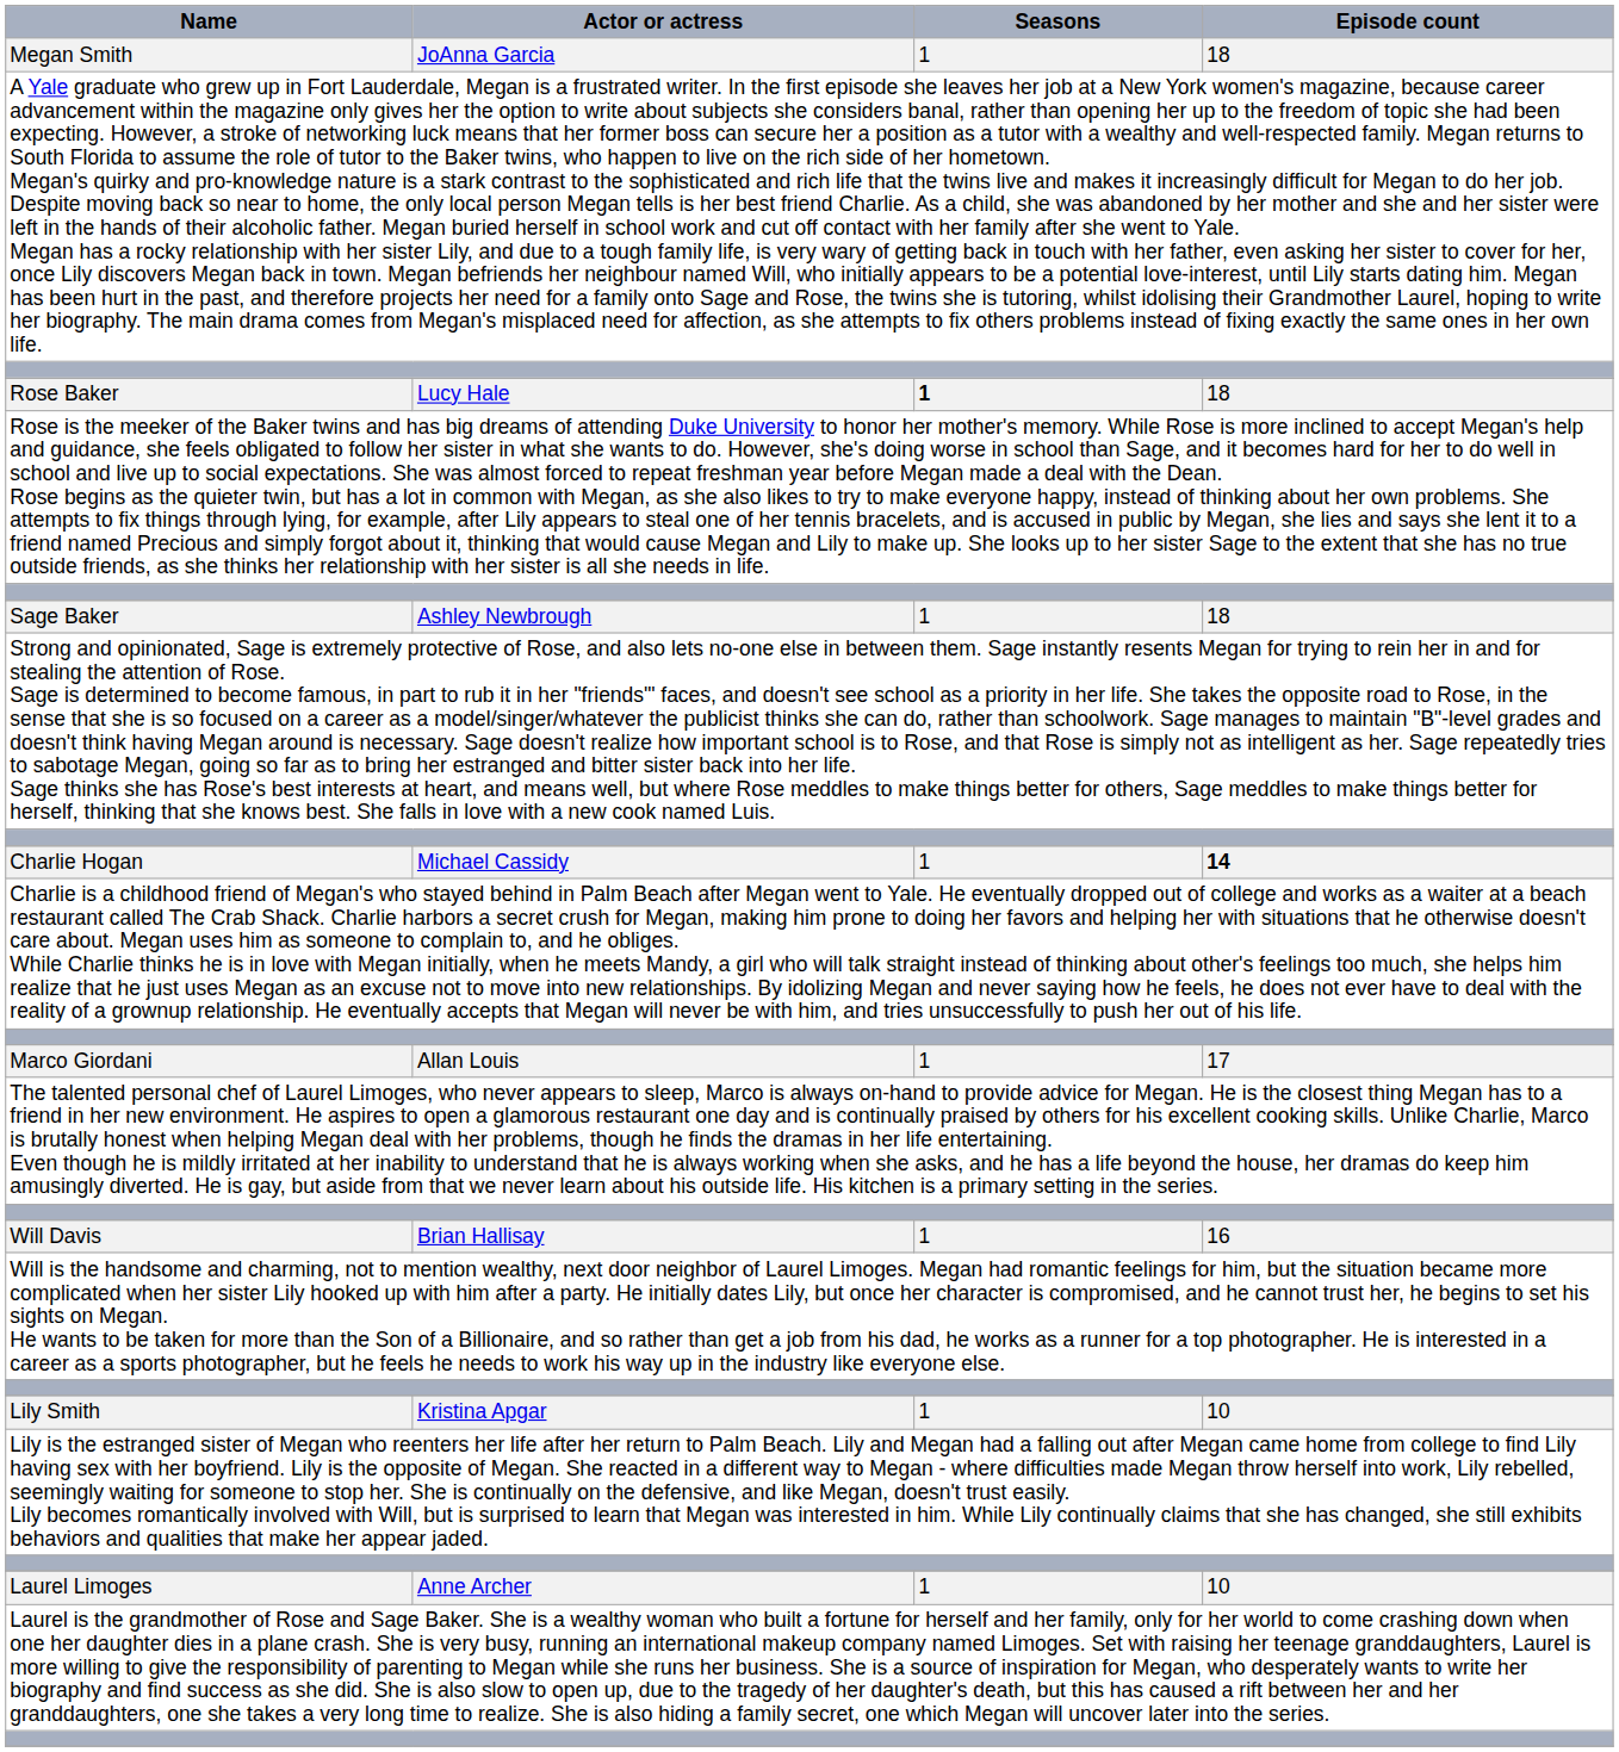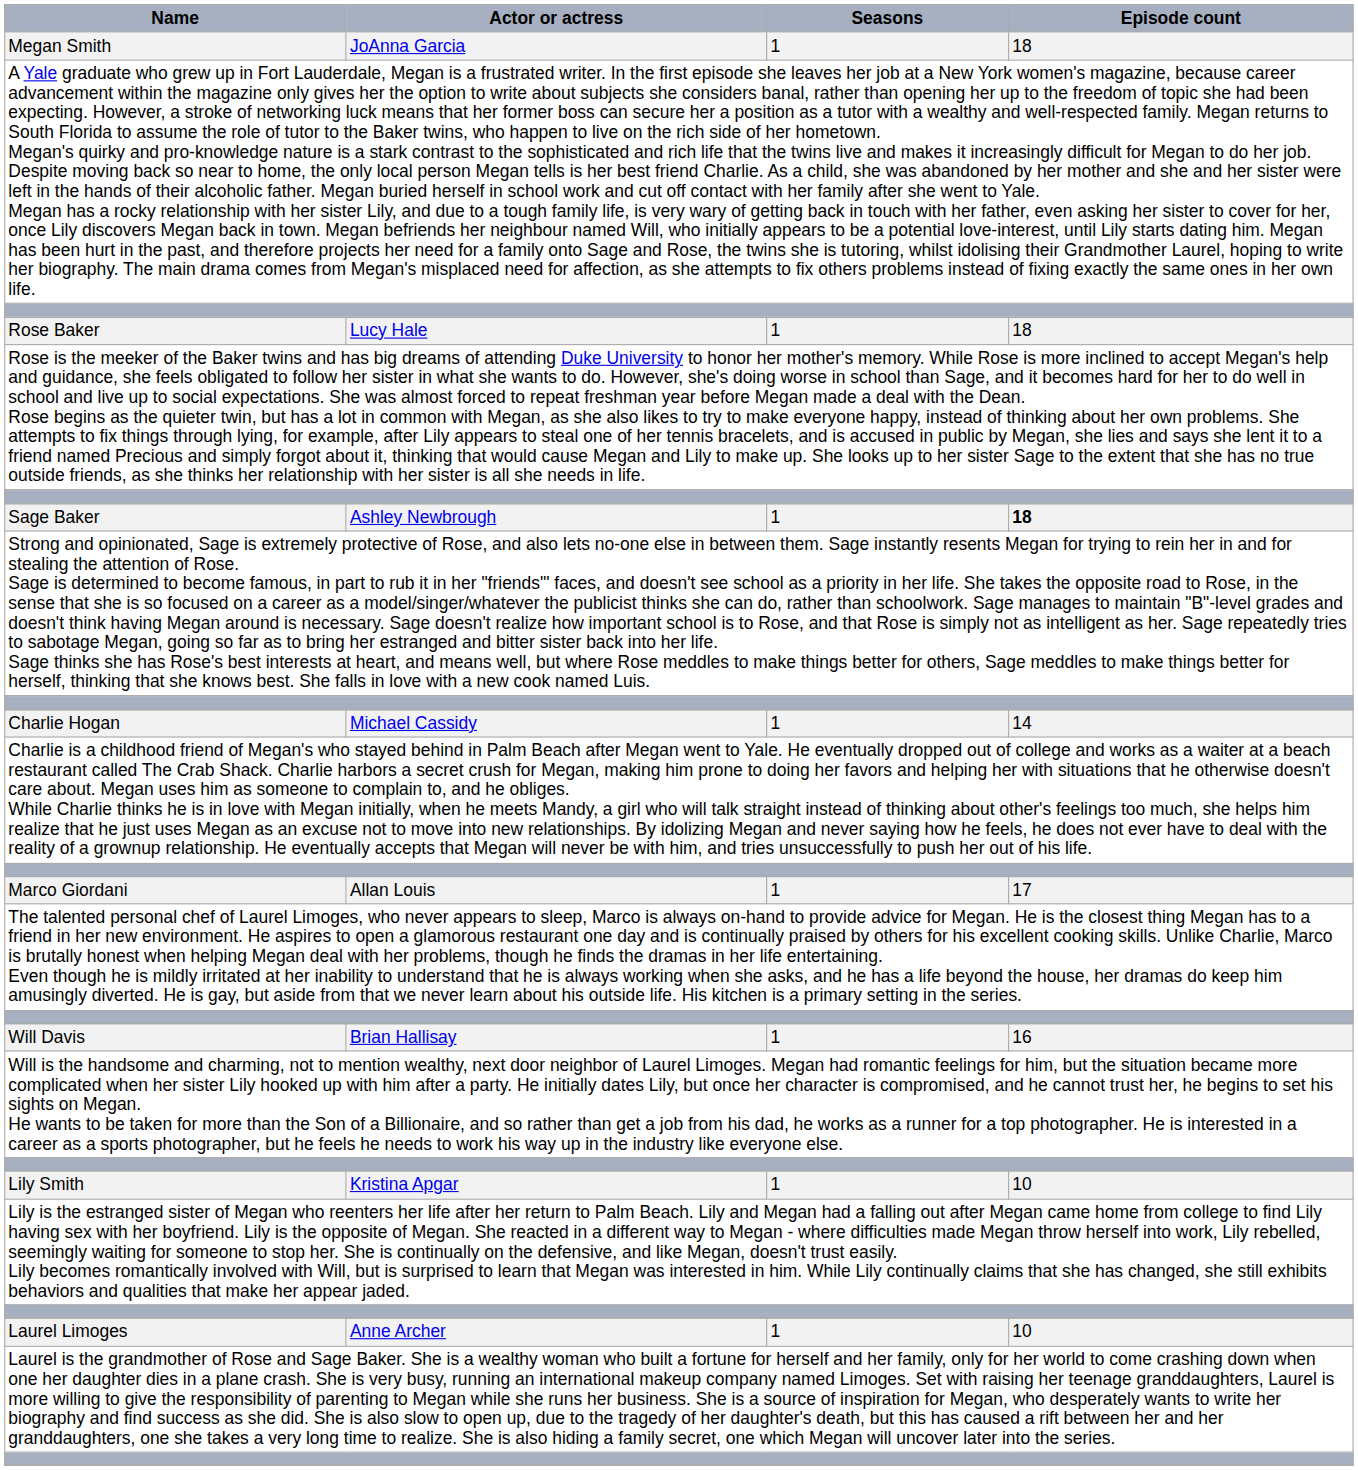 <table class="wikitable" style="width:98%; margin:auto; background-color:#FFFFFF">
 <tr>
 <th style="background-color: #A7B0C1;">Name</th>
 <th style="background-color: #A7B0C1;">Actor or actress</th>
 <th style="background-color: #A7B0C1;">Seasons</th>
 <th style="background-color: #A7B0C1;">Episode count</th>
 </tr>
 <tr style="background-color: #F2F2F2;" |>
 <td><span></span>Megan Smith</td>
 <td><a href='#'>JoAnna Garcia</a></td>
 <td>1</td>
 <td>18</td>
 </tr>
 <tr>
 <td colspan="5" height="5" sadvfsdavs>A <a href='#'>Yale</a> graduate who grew up in Fort Lauderdale, Megan is a frustrated writer. In the first episode she leaves her job at a New York women's magazine, because career advancement within the magazine only gives her the option to write about subjects she considers banal, rather than opening her up to the freedom of topic she had been expecting. However, a stroke of networking luck means that her former boss can secure her a position as a tutor with a wealthy and well-respected family. Megan returns to South Florida to assume the role of tutor to the Baker twins, who happen to live on the rich side of her hometown.<br>Megan's quirky and pro-knowledge nature is a stark contrast to the sophisticated and rich life that the twins live and makes it increasingly difficult for Megan to do her job. Despite moving back so near to home, the only local person Megan tells is her best friend Charlie.  As a child, she was abandoned by her mother and she and her sister were left in the hands of their alcoholic father. Megan buried herself in school work and cut off contact with her family after she went to Yale.<br>Megan has a rocky relationship with her sister Lily, and due to a tough family life, is very wary of getting back in touch with her father, even asking her sister to cover for her, once Lily discovers Megan back in town. Megan befriends her neighbour named Will, who initially appears to be a potential love-interest, until Lily starts dating him. Megan has been hurt in the past, and therefore projects her need for a family onto Sage and Rose, the twins she is tutoring, whilst idolising their Grandmother Laurel, hoping to write her biography. The main drama comes from Megan's misplaced need for affection, as she attempts to fix others problems instead of fixing exactly the same ones in her own life.</td>
 </tr>
 <tr>
 <td colspan="5" height="5" bgcolor="#A7B0C1"></td>
 </tr>
 <tr>
 </tr>
 <tr style="background-color: #F2F2F2;" |>
 <td><span></span>Rose Baker</td>
 <td><a href='#'>Lucy Hale</a></td>
-<td><strong>1</strong></td>
+<td>1</td>
 <td>18</td>
 </tr>
 <tr>
 <td colspan="5" height="5" sadvfsdavs>Rose is the meeker of the Baker twins and has big dreams of attending <a href='#'>Duke University</a> to honor her mother's memory. While Rose is more inclined to accept Megan's help and guidance, she feels obligated to follow her sister in what she wants to do. However, she's doing worse in school than Sage, and it becomes hard for her to do well in school and live up to social expectations. She was almost forced to repeat freshman year before Megan made a deal with the Dean.<br>Rose begins as the quieter twin, but has a lot in common with Megan, as she also likes to try to make everyone happy, instead of thinking about her own problems. She attempts to fix things through lying, for example, after Lily appears to steal one of her tennis bracelets, and is accused in public by Megan, she lies and says she lent it to a friend named Precious and simply forgot about it, thinking that would cause Megan and Lily to make up. She looks up to her sister Sage to the extent that she has no true outside friends, as she thinks her relationship with her sister is all she needs in life.</td>
 </tr>
 <tr>
 <td colspan="5" height="5" bgcolor="#A7B0C1"></td>
 </tr>
 <tr>
 </tr>
 <tr style="background-color: #F2F2F2;" |>
 <td><span></span>Sage Baker</td>
 <td><a href='#'>Ashley Newbrough</a></td>
 <td>1</td>
-<td>18</td>
+<td><strong>18</strong></td>
 </tr>
 <tr>
 <td colspan="5" height="5" sadvfsdavs>Strong and opinionated, Sage is extremely protective of Rose, and also lets no-one else in between them.  Sage instantly resents Megan for trying to rein her in and for stealing the attention of Rose.<br>Sage is determined to become famous, in part to rub it in her "friends'" faces, and doesn't see school as a priority in her life.  She takes the opposite road to Rose, in the sense that she is so focused on a career as a model/singer/whatever the publicist thinks she can do, rather than schoolwork.  Sage manages to maintain "B"-level grades and doesn't think having Megan around is necessary. Sage doesn't realize how important school is to Rose, and that Rose is simply not as intelligent as her. Sage repeatedly tries to sabotage Megan, going so far as to bring her estranged and bitter sister back into her life.<br>Sage thinks she has Rose's best interests at heart, and means well, but where Rose meddles to make things better for others, Sage meddles to make things better for herself, thinking that she knows best. She falls in love with a new cook named Luis.</td>
 </tr>
 <tr>
 <td colspan="5" height="5" bgcolor="#A7B0C1"></td>
 </tr>
 <tr>
 </tr>
 <tr style="background-color: #F2F2F2;" |>
 <td><span></span>Charlie Hogan</td>
 <td><a href='#'>Michael Cassidy</a></td>
 <td>1</td>
-<td><strong>14</strong></td>
+<td>14</td>
 </tr>
 <tr>
 <td colspan="5" height="5" sadvfsdavs>Charlie is a childhood friend of Megan's who stayed behind in Palm Beach after Megan went to Yale.  He eventually dropped out of college and works as a waiter at a beach restaurant called The Crab Shack. Charlie harbors a secret crush for Megan, making him prone to doing her favors and helping her with situations that he otherwise doesn't care about. Megan uses him as someone to complain to, and he obliges.<br>While Charlie thinks he is in love with Megan initially, when he meets Mandy, a girl who will talk straight instead of thinking about other's feelings too much, she helps him realize that he just uses Megan as an excuse not to move into new relationships.   By idolizing Megan and never saying how he feels, he does not ever have to deal with the reality of a grownup relationship.  He eventually accepts that Megan will never be with him, and tries unsuccessfully to push her out of his life.</td>
 </tr>
 <tr>
 <td colspan="5" height="5" bgcolor="#A7B0C1"></td>
 </tr>
 <tr>
 </tr>
 <tr style="background-color: #F2F2F2;" |>
 <td><span></span>Marco Giordani</td>
 <td>Allan Louis</td>
 <td>1</td>
 <td>17</td>
 </tr>
 <tr>
 <td colspan="5" height="5" sadvfsdavs>The talented personal chef of Laurel Limoges, who never appears to sleep, Marco is always on-hand to provide advice for Megan.  He is the closest thing Megan has to a friend in her new environment. He aspires to open a glamorous restaurant one day and is continually praised by others for his excellent cooking skills. Unlike Charlie, Marco is brutally honest when helping Megan deal with her problems, though he finds the dramas in her life entertaining.<br>Even though he is mildly irritated at her inability to understand that he is always working when she asks, and he has a life beyond the house, her dramas do keep him amusingly diverted. He is gay, but aside from that we never learn about his outside life.  His kitchen is a primary setting in the series.</td>
 </tr>
 <tr>
 <td colspan="5" height="5" bgcolor="#A7B0C1"></td>
 </tr>
 <tr>
 </tr>
 <tr style="background-color: #F2F2F2;" |>
 <td><span></span>Will Davis</td>
 <td><a href='#'>Brian Hallisay</a></td>
 <td>1</td>
 <td>16</td>
 </tr>
 <tr>
 <td colspan="5" height="5" sadvfsdavs>Will is the handsome and charming, not to mention wealthy, next door neighbor of Laurel Limoges. Megan had romantic feelings for him, but the situation became more complicated when her sister Lily hooked up with him after a party. He initially dates Lily, but once her character is compromised, and he cannot trust her, he begins to set his sights on Megan.<br>He wants to be taken for more than the Son of a Billionaire, and so rather than get a job from his dad, he works as a runner for a top photographer. He is interested in a career as a sports photographer, but he feels he needs to work his way up in the industry like everyone else.</td>
 </tr>
 <tr>
 <td colspan="5" height="5" bgcolor="#A7B0C1"></td>
 </tr>
 <tr>
 </tr>
 <tr style="background-color: #F2F2F2;" |>
 <td><span></span>Lily Smith</td>
 <td><a href='#'>Kristina Apgar</a></td>
 <td>1</td>
 <td>10</td>
 </tr>
 <tr>
 <td colspan="5" height="5" sadvfsdavs>Lily is the estranged sister of Megan who reenters her life after her return to Palm Beach.  Lily and Megan had a falling out after Megan came home from college to find Lily having sex with her boyfriend. Lily is the opposite of Megan.  She reacted in a different way to Megan - where difficulties made Megan throw herself into work, Lily rebelled, seemingly waiting for someone to stop her. She is continually on the defensive, and like Megan, doesn't trust easily.<br>Lily becomes romantically involved with Will, but is surprised to learn that Megan was interested in him. While Lily continually claims that she has changed, she still exhibits behaviors and qualities that make her appear jaded.</td>
 </tr>
 <tr>
 <td colspan="5" height="5" bgcolor="#A7B0C1"></td>
 </tr>
 <tr>
 </tr>
 <tr style="background-color: #F2F2F2;" |>
 <td><span></span>Laurel Limoges</td>
 <td><a href='#'>Anne Archer</a></td>
 <td>1</td>
 <td>10</td>
 </tr>
 <tr>
 <td colspan="5" height="5" sadvfsdavs>Laurel is the grandmother of Rose and Sage Baker. She is a wealthy woman who built a fortune for herself and her family, only for her world to come crashing down when one her daughter dies in a plane crash. She is very busy, running an international makeup company named Limoges.  Set with raising her teenage granddaughters, Laurel is more willing to give the responsibility of parenting to Megan while she runs her business. She is a source of inspiration for Megan, who desperately wants to write her biography and find success as she did. She is also slow to open up, due to the tragedy of her daughter's death, but this has caused a rift between her and her granddaughters, one she takes a very long time to realize. She is also hiding a family secret, one which Megan will uncover later into the series.</td>
 </tr>
 <tr>
 <td colspan="5" height="5" bgcolor="#A7B0C1"></td>
 </tr>
 <tr>
 </tr>
 </table>
